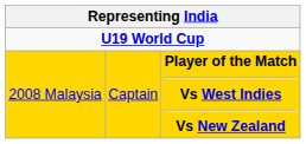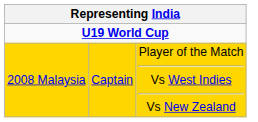 <table class="wikitable" style="text-align:center;">
 <tr>
 <th colspan=3>Representing  <a href='#'>India</a></th>
 </tr>
 <tr>
 <td colspan=3><strong><a href='#'>U19 World Cup</a></strong></td>
 </tr>
 <tr bgcolor=gold>
 <td> <a href='#'>2008 Malaysia</a></td>
 <td><a href='#'>Captain</a></td>
-<td><strong>Player of the Match<hr>Vs <a href='#'>West Indies</a><hr>Vs <a href='#'>New Zealand</a></strong></td>
+<td>Player of the Match<hr>Vs <a href='#'>West Indies</a><hr>Vs <a href='#'>New Zealand</a></td>
 </tr>
 </table>
